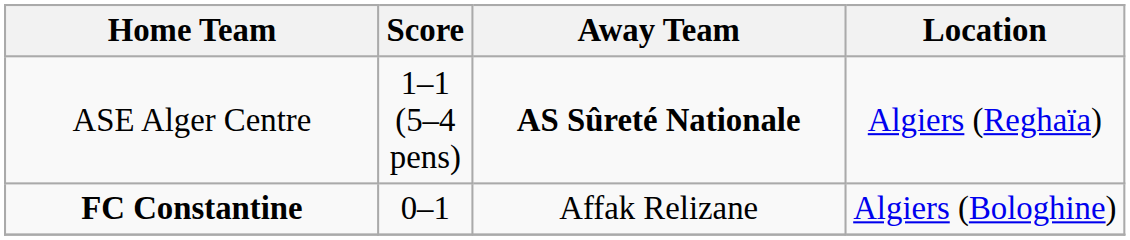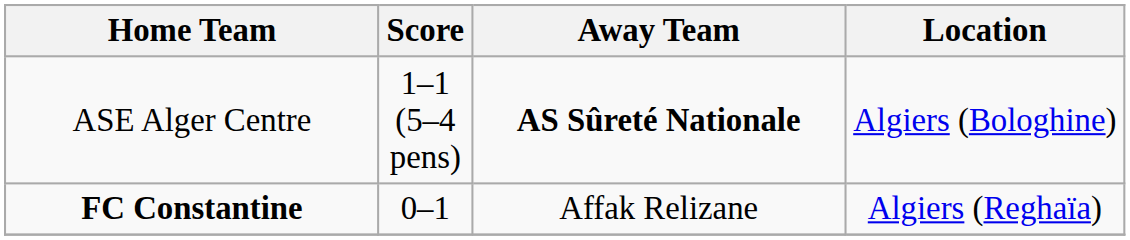 <table class="wikitable" style="text-align:center;">
 <tr>
 <th width=175>Home Team</th>
 <th width=20>Score</th>
 <th width=175>Away Team</th>
 <th>Location</th>
 </tr>
 <tr>
 <td>ASE Alger Centre</td>
 <td>1–1 (5–4 pens)</td>
 <td><strong>AS Sûreté Nationale</strong></td>
-<td><a href='#'>Algiers</a> (<a href='#'>Reghaïa</a>)</td>
+<td><a href='#'>Algiers</a> (<a href='#'>Bologhine</a>)</td>
 </tr>
 <tr>
 <td><strong>FC Constantine</strong></td>
 <td>0–1</td>
 <td>Affak Relizane</td>
-<td><a href='#'>Algiers</a> (<a href='#'>Bologhine</a>)</td>
+<td><a href='#'>Algiers</a> (<a href='#'>Reghaïa</a>)</td>
 </tr>
 <tr>
 </tr>
 </table>
